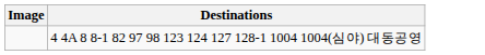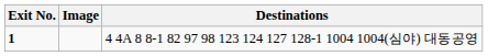 <table class="wikitable">
 <tr>
+<th>Exit No.</th>
 <th>Image</th>
 <th>Destinations</th>
 </tr>
 <tr>
+<td style="background:#"><strong>1</strong></td>
 <td></td>
 <td><span>4 4A 8 8-1 82</span> <span>97 98</span> <span>123 124 127 128-1</span> <span>1004 1004(심야)</span> <span>대동공영</span></td>
 </tr>
 </table>
